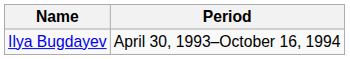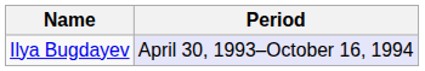 <table class="wikitable">
 <tr>
 <th>Name</th>
 <th>Period</th>
 </tr>
 <tr>
 <td><a href='#'>Ilya Bugdayev</a></td>
-<td>April 30, 1993–October 16, 1994</td>
+<td style="background: lavender;">April 30, 1993–October 16, 1994</td>
 </tr>
 </table>
